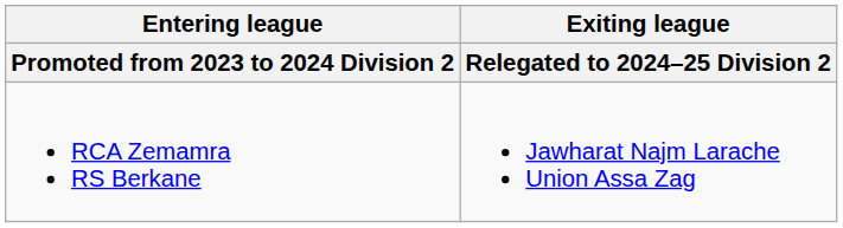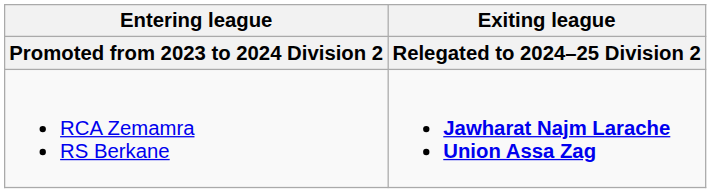 <table class="wikitable">
 <tr>
 <th>Entering league</th>
 <th>Exiting league</th>
 </tr>
 <tr>
 <th>Promoted from 2023 to 2024 Division 2</th>
 <th>Relegated to 2024–25 Division 2</th>
 </tr>
 <tr style="vertical-align:top;">
 <td><br><ul><li><a href='#'>RCA Zemamra</a></li><li><a href='#'>RS Berkane</a></li></ul></td>
-<td><br><ul><li><a href='#'>Jawharat Najm Larache</a></li><li><a href='#'>Union Assa Zag</a></li></ul></td>
+<td><strong><br><ul><li><a href='#'>Jawharat Najm Larache</a></li><li><a href='#'>Union Assa Zag</a></li></ul></strong></td>
 </tr>
 </table>
